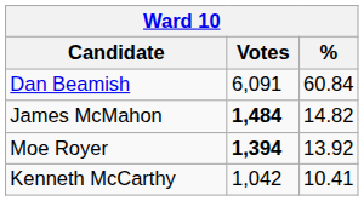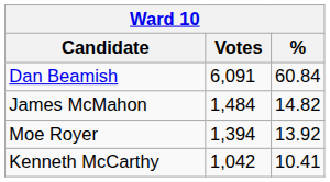 <table class="wikitable">
 <tr>
 <th colspan="3"><a href='#'>Ward 10</a></th>
 </tr>
 <tr>
 <th style="width: 170px">Candidate</th>
 <th style="width: 50px">Votes</th>
 <th style="width: 40px">%</th>
 </tr>
 <tr>
 <td><a href='#'>Dan Beamish</a></td>
 <td>6,091</td>
 <td>60.84</td>
 </tr>
 <tr>
 <td>James McMahon</td>
-<td><strong>1,484</strong></td>
+<td>1,484</td>
 <td>14.82</td>
 </tr>
 <tr>
 <td>Moe Royer</td>
-<td><strong>1,394</strong></td>
+<td>1,394</td>
 <td>13.92</td>
 </tr>
 <tr>
 <td>Kenneth McCarthy</td>
 <td>1,042</td>
 <td>10.41</td>
 </tr>
 </table>
